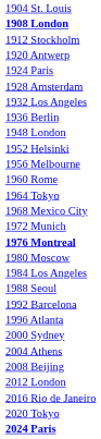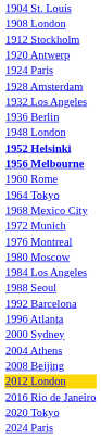 <table>
 <tr valign="top">
 <td><a href='#'>1904 St. Louis</a><br></td>
 <td></td>
 <td></td>
 <td></td>
 </tr>
 <tr>
-<td><strong><a href='#'>1908 London</a><br></strong></td>
+<td><a href='#'>1908 London</a><br></td>
 <td></td>
 <td></td>
 <td></td>
 </tr>
 <tr>
 <td><a href='#'>1912 Stockholm</a><br></td>
 <td></td>
 <td></td>
 <td></td>
 </tr>
 <tr>
 <td><a href='#'>1920 Antwerp</a><br></td>
 <td></td>
 <td></td>
 <td></td>
 </tr>
 <tr>
 <td><a href='#'>1924 Paris</a><br></td>
 <td></td>
 <td></td>
 <td></td>
 </tr>
 <tr>
 <td><a href='#'>1928 Amsterdam</a><br></td>
 <td></td>
 <td></td>
 <td></td>
 </tr>
 <tr>
 <td><a href='#'>1932 Los Angeles</a><br></td>
 <td></td>
 <td></td>
 <td></td>
 </tr>
 <tr>
 <td><a href='#'>1936 Berlin</a><br></td>
 <td></td>
 <td></td>
 <td></td>
 </tr>
 <tr>
 <td><a href='#'>1948 London</a><br></td>
 <td></td>
 <td></td>
 <td></td>
 </tr>
 <tr>
-<td><a href='#'>1952 Helsinki</a><br></td>
+<td><strong><a href='#'>1952 Helsinki</a><br></strong></td>
 <td></td>
 <td></td>
 <td></td>
 </tr>
 <tr>
-<td><a href='#'>1956 Melbourne</a><br></td>
+<td><strong><a href='#'>1956 Melbourne</a><br></strong></td>
 <td></td>
 <td></td>
 <td></td>
 </tr>
 <tr>
 <td><a href='#'>1960 Rome</a><br></td>
 <td></td>
 <td></td>
 <td></td>
 </tr>
 <tr>
 <td><a href='#'>1964 Tokyo</a><br></td>
 <td></td>
 <td></td>
 <td></td>
 </tr>
 <tr>
 <td><a href='#'>1968 Mexico City</a><br></td>
 <td></td>
 <td></td>
 <td></td>
 </tr>
 <tr>
 <td><a href='#'>1972 Munich</a><br></td>
 <td></td>
 <td></td>
 <td></td>
 </tr>
 <tr>
-<td><strong><a href='#'>1976 Montreal</a><br></strong></td>
+<td><a href='#'>1976 Montreal</a><br></td>
 <td></td>
 <td></td>
 <td></td>
 </tr>
 <tr>
 <td><a href='#'>1980 Moscow</a><br></td>
 <td></td>
 <td></td>
 <td></td>
 </tr>
 <tr>
 <td><a href='#'>1984 Los Angeles</a><br></td>
 <td></td>
 <td></td>
 <td></td>
 </tr>
 <tr>
 <td><a href='#'>1988 Seoul</a><br></td>
 <td></td>
 <td></td>
 <td></td>
 </tr>
 <tr>
 <td><a href='#'>1992 Barcelona</a><br></td>
 <td></td>
 <td></td>
 <td></td>
 </tr>
 <tr>
 <td><a href='#'>1996 Atlanta</a><br></td>
 <td></td>
 <td></td>
 <td></td>
 </tr>
 <tr>
 <td><a href='#'>2000 Sydney</a><br></td>
 <td></td>
 <td></td>
 <td></td>
 </tr>
 <tr>
 <td><a href='#'>2004 Athens</a><br></td>
 <td></td>
 <td></td>
 <td></td>
 </tr>
 <tr>
 <td><a href='#'>2008 Beijing</a><br></td>
 <td></td>
 <td></td>
 <td></td>
 </tr>
 <tr>
-<td><a href='#'>2012 London</a><br></td>
+<td style="background: gold;"><a href='#'>2012 London</a><br></td>
 <td></td>
 <td></td>
 <td></td>
 </tr>
 <tr>
 <td><a href='#'>2016 Rio de Janeiro</a><br></td>
 <td></td>
 <td></td>
 <td></td>
 </tr>
 <tr>
 <td><a href='#'>2020 Tokyo</a><br></td>
 <td></td>
 <td></td>
 <td></td>
 </tr>
 <tr>
-<td><strong><a href='#'>2024 Paris</a><br></strong></td>
+<td><a href='#'>2024 Paris</a><br></td>
 <td></td>
 <td></td>
 <td></td>
 </tr>
 <tr>
 </tr>
 </table>
